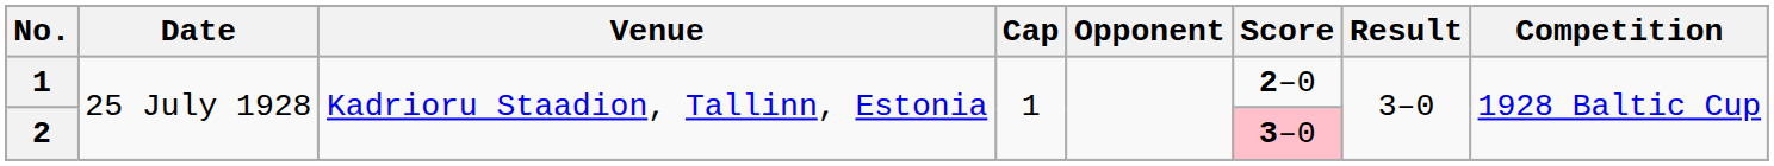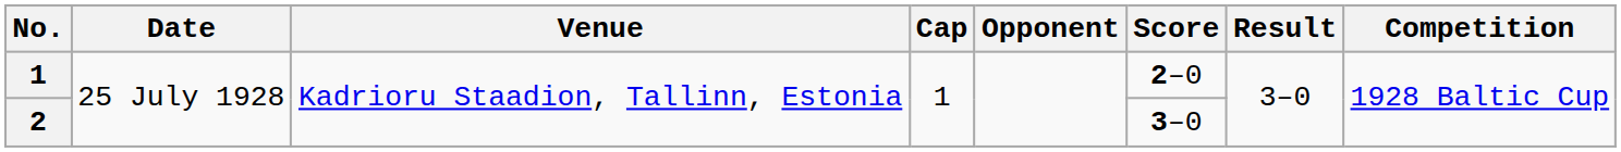 <table class="wikitable sortable plainrowheaders">
 <tr>
 <th scope=col>No.</th>
 <th scope=col>Date</th>
 <th scope=col>Venue</th>
 <th scope=col>Cap</th>
 <th scope=col>Opponent</th>
 <th scope=col>Score</th>
 <th scope=col>Result</th>
 <th scope=col>Competition</th>
 </tr>
 <tr>
 <th scope=row style=text-align:center>1</th>
 <td rowspan=2>25 July 1928</td>
 <td rowspan=2><a href='#'>Kadrioru Staadion</a>, <a href='#'>Tallinn</a>, <a href='#'>Estonia</a></td>
 <td rowspan=2 align=center>1</td>
 <td rowspan=2></td>
 <td align=center><strong>2</strong>–0</td>
 <td rowspan=2 align=center>3–0</td>
 <td rowspan=2><a href='#'>1928 Baltic Cup</a></td>
 </tr>
 <tr>
 <th scope=row style=text-align:center>2</th>
-<td align=center style="background: pink;"><strong>3</strong>–0</td>
+<td align=center><strong>3</strong>–0</td>
 </tr>
 </table>
